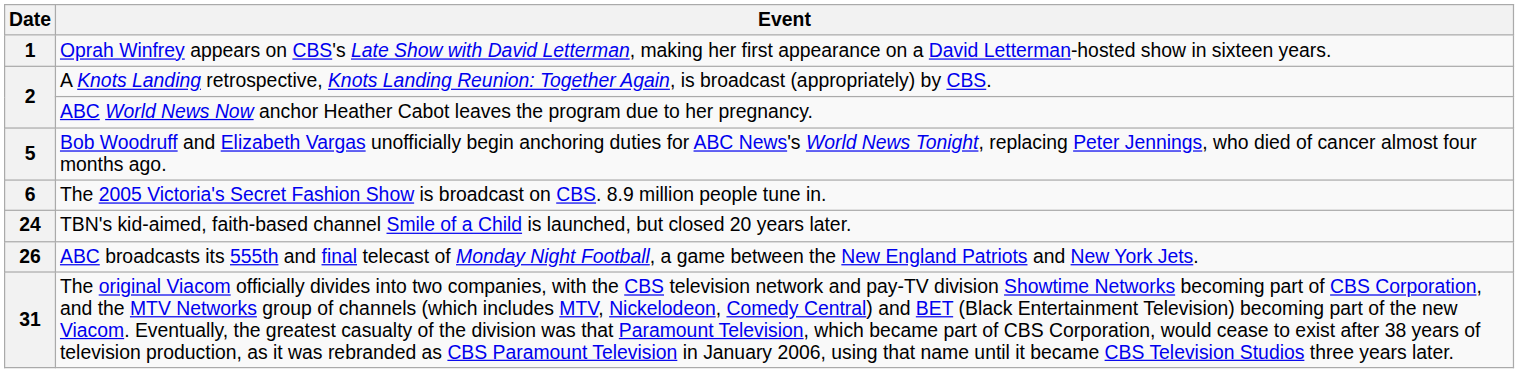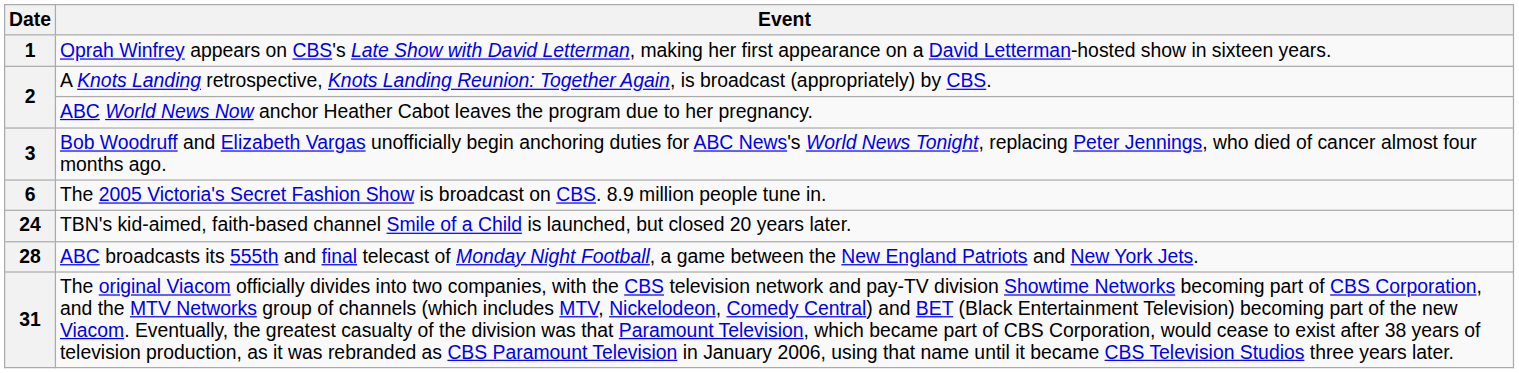 <table class="wikitable">
 <tr>
 <th>Date</th>
 <th>Event</th>
 </tr>
 <tr>
 <th>1</th>
 <td><a href='#'>Oprah Winfrey</a> appears on <a href='#'>CBS</a>'s <em><a href='#'>Late Show with David Letterman</a></em>, making her first appearance on a <a href='#'>David Letterman</a>-hosted show in sixteen years.</td>
 </tr>
 <tr>
 <th rowspan="2">2</th>
 <td>A <em><a href='#'>Knots Landing</a></em> retrospective, <em><a href='#'>Knots Landing Reunion: Together Again</a></em>, is broadcast (appropriately) by <a href='#'>CBS</a>.</td>
 </tr>
 <tr>
 <td><a href='#'>ABC</a> <em><a href='#'>World News Now</a></em> anchor Heather Cabot leaves the program due to her pregnancy.</td>
 </tr>
 <tr>
-<th>5</th>
+<th>3</th>
 <td><a href='#'>Bob Woodruff</a> and <a href='#'>Elizabeth Vargas</a> unofficially begin anchoring duties for <a href='#'>ABC News</a>'s <em><a href='#'>World News Tonight</a></em>, replacing <a href='#'>Peter Jennings</a>, who died of cancer almost four months ago.</td>
 </tr>
 <tr>
 <th>6</th>
 <td>The <a href='#'>2005 Victoria's Secret Fashion Show</a> is broadcast on <a href='#'>CBS</a>. 8.9 million people tune in.</td>
 </tr>
 <tr>
 <th>24</th>
 <td>TBN's kid-aimed, faith-based channel <a href='#'>Smile of a Child</a> is launched, but closed 20 years later.</td>
 </tr>
 <tr>
-<th>26</th>
+<th>28</th>
 <td><a href='#'>ABC</a> broadcasts its <a href='#'>555th</a> and <a href='#'>final</a> telecast of <em><a href='#'>Monday Night Football</a></em>, a game between the <a href='#'>New England Patriots</a> and <a href='#'>New York Jets</a>.</td>
 </tr>
 <tr>
 <th>31</th>
 <td>The <a href='#'>original Viacom</a> officially divides into two companies, with the <a href='#'>CBS</a> television network and pay-TV division <a href='#'>Showtime Networks</a> becoming part of <a href='#'>CBS Corporation</a>, and the <a href='#'>MTV Networks</a> group of channels (which includes <a href='#'>MTV</a>, <a href='#'>Nickelodeon</a>, <a href='#'>Comedy Central</a>) and <a href='#'>BET</a> (Black Entertainment Television) becoming part of the new <a href='#'>Viacom</a>. Eventually, the greatest casualty of the division was that <a href='#'>Paramount Television</a>, which became part of CBS Corporation, would cease to exist after 38 years of television production, as it was rebranded as <a href='#'>CBS Paramount Television</a> in January 2006, using that name until it became <a href='#'>CBS Television Studios</a> three years later.</td>
 </tr>
 </table>
